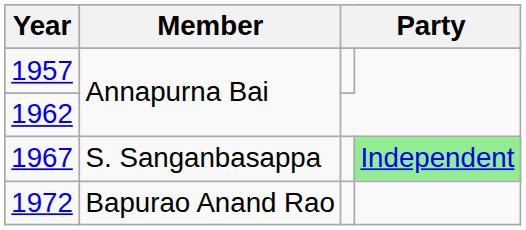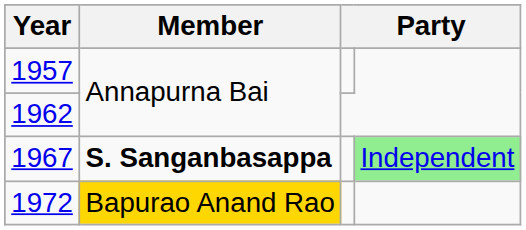 <table class="wikitable">
 <tr>
 <th>Year</th>
 <th>Member</th>
 <th colspan="2">Party</th>
 </tr>
 <tr>
 <td><a href='#'>1957</a></td>
 <td rowspan="2">Annapurna Bai</td>
 <td></td>
 </tr>
 <tr>
 <td><a href='#'>1962</a></td>
 </tr>
 <tr>
 <td><a href='#'>1967</a></td>
-<td>S. Sanganbasappa</td>
+<td><strong>S. Sanganbasappa</strong></td>
 <td style=background-color:></td>
 <td style="background: lightgreen;"><a href='#'>Independent</a></td>
 </tr>
 <tr>
 <td><a href='#'>1972</a></td>
-<td>Bapurao Anand Rao</td>
+<td style="background: gold;">Bapurao Anand Rao</td>
 <td></td>
 </tr>
 </table>
